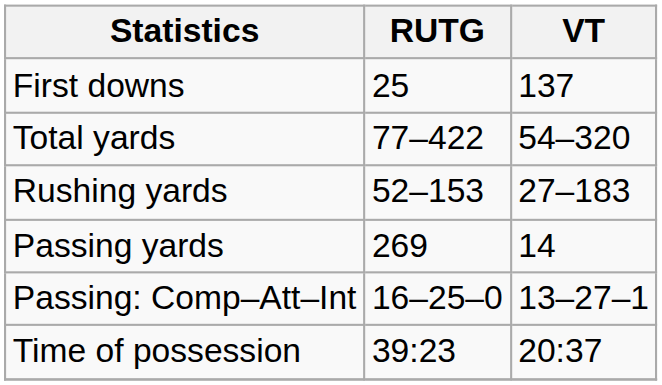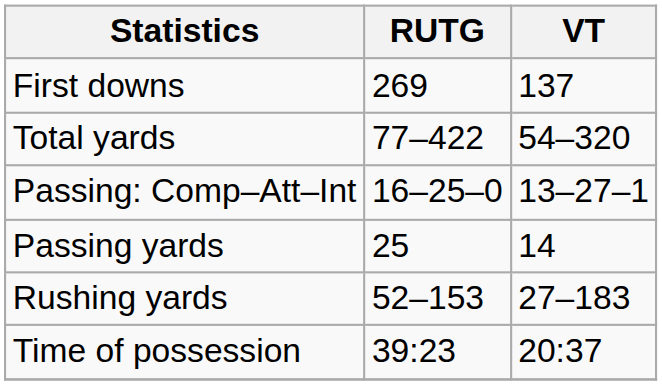 <table class="wikitable" style="float: left;">
 <tr>
 <th>Statistics</th>
 <th>RUTG</th>
 <th>VT</th>
 </tr>
 <tr>
 <td>First downs</td>
-<td>25</td>
+<td>269</td>
 <td>137</td>
 </tr>
 <tr>
 <td>Total yards</td>
 <td>77–422</td>
 <td>54–320</td>
 </tr>
 <tr>
+<td>Passing: Comp–Att–Int</td>
+<td>16–25–0</td>
+<td>13–27–1</td>
+</tr>
+<tr>
+<td>Passing yards</td>
+<td>25</td>
+<td>14</td>
+</tr>
+<tr>
 <td>Rushing yards</td>
 <td>52–153</td>
 <td>27–183</td>
-</tr>
-<tr>
-<td>Passing yards</td>
-<td>269</td>
-<td>14</td>
-</tr>
-<tr>
-<td>Passing: Comp–Att–Int</td>
-<td>16–25–0</td>
-<td>13–27–1</td>
 </tr>
 <tr>
 <td>Time of possession</td>
 <td>39:23</td>
 <td>20:37</td>
 </tr>
 <tr>
 </tr>
 </table>
